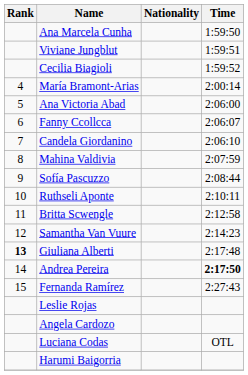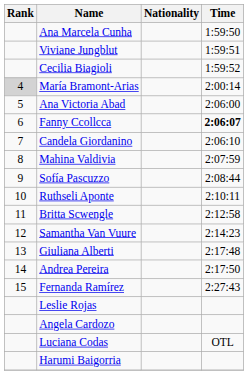 <table class="wikitable sortable" style="text-align:center">
 <tr>
 <th>Rank</th>
 <th>Name</th>
 <th>Nationality</th>
 <th>Time</th>
 </tr>
 <tr>
 <td></td>
 <td align=left><a href='#'>Ana Marcela Cunha</a></td>
 <td align=left></td>
 <td>1:59:50</td>
 </tr>
 <tr>
 <td></td>
 <td align=left><a href='#'>Viviane Jungblut</a></td>
 <td align=left></td>
 <td>1:59:51</td>
 </tr>
 <tr>
 <td></td>
 <td align=left><a href='#'>Cecilia Biagioli</a></td>
 <td align=left></td>
 <td>1:59:52</td>
 </tr>
 <tr>
-<td>4</td>
+<td style="background: lightgrey;">4</td>
 <td align=left><a href='#'>María Bramont-Arias</a></td>
 <td align=left></td>
 <td>2:00:14</td>
 </tr>
 <tr>
 <td>5</td>
 <td align=left><a href='#'>Ana Victoria Abad</a></td>
 <td align=left></td>
 <td>2:06:00</td>
 </tr>
 <tr>
 <td>6</td>
 <td align=left><a href='#'>Fanny Ccollcca</a></td>
 <td align=left></td>
-<td>2:06:07</td>
+<td><strong>2:06:07</strong></td>
 </tr>
 <tr>
 <td>7</td>
 <td align=left><a href='#'>Candela Giordanino</a></td>
 <td align=left></td>
 <td>2:06:10</td>
 </tr>
 <tr>
 <td>8</td>
 <td align=left><a href='#'>Mahina Valdivia</a></td>
 <td align=left></td>
 <td>2:07:59</td>
 </tr>
 <tr>
 <td>9</td>
 <td align=left><a href='#'>Sofía Pascuzzo</a></td>
 <td align=left></td>
 <td>2:08:44</td>
 </tr>
 <tr>
 <td>10</td>
 <td align=left><a href='#'>Ruthseli Aponte</a></td>
 <td align=left></td>
 <td>2:10:11</td>
 </tr>
 <tr>
 <td>11</td>
 <td align=left><a href='#'>Britta Scwengle</a></td>
 <td align=left></td>
 <td>2:12:58</td>
 </tr>
 <tr>
 <td>12</td>
 <td align=left><a href='#'>Samantha Van Vuure</a></td>
 <td align=left></td>
 <td>2:14:23</td>
 </tr>
 <tr>
-<td><strong>13</strong></td>
+<td>13</td>
 <td align=left><a href='#'>Giuliana Alberti</a></td>
 <td align=left></td>
 <td>2:17:48</td>
 </tr>
 <tr>
 <td>14</td>
 <td align=left><a href='#'>Andrea Pereira</a></td>
 <td align=left></td>
-<td><strong>2:17:50</strong></td>
+<td>2:17:50</td>
 </tr>
 <tr>
 <td>15</td>
 <td align=left><a href='#'>Fernanda Ramírez</a></td>
 <td align=left></td>
 <td>2:27:43</td>
 </tr>
 <tr>
 <td></td>
 <td align=left><a href='#'>Leslie Rojas</a></td>
 <td align=left></td>
 <td></td>
 </tr>
 <tr>
 <td></td>
 <td align=left><a href='#'>Angela Cardozo</a></td>
 <td align=left></td>
 <td></td>
 </tr>
 <tr>
 <td></td>
 <td align=left><a href='#'>Luciana Codas</a></td>
 <td align=left></td>
 <td>OTL</td>
 </tr>
 <tr>
 <td></td>
 <td align=left><a href='#'>Harumi Baigorria</a></td>
 <td align=left></td>
 <td></td>
 </tr>
 <tr>
 </tr>
 </table>
